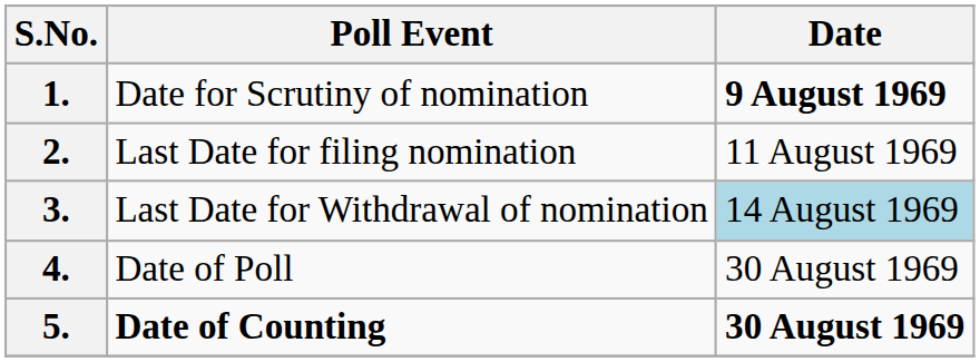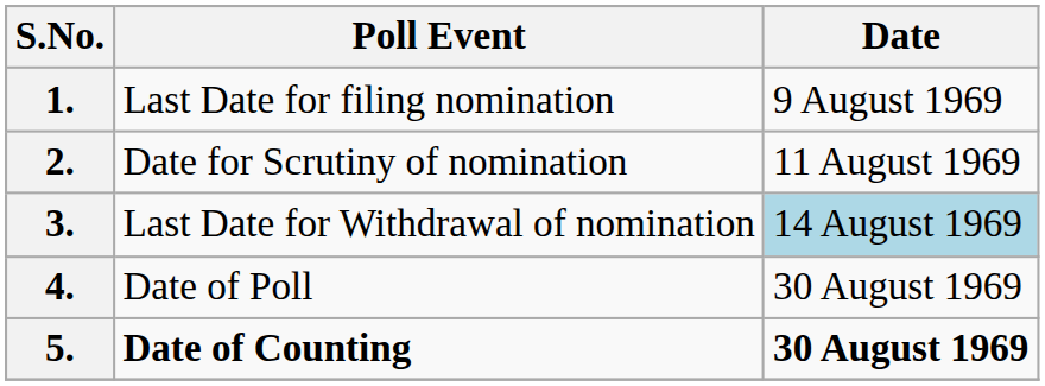 <table class="wikitable sortable">
 <tr>
 <th>S.No.</th>
 <th>Poll Event</th>
 <th>Date</th>
 </tr>
 <tr>
 <th>1.</th>
-<td>Date for Scrutiny of nomination</td>
-<td><strong>9 August 1969</strong></td>
+<td>Last Date for filing nomination</td>
+<td>9 August 1969</td>
 </tr>
 <tr>
 <th>2.</th>
-<td>Last Date for filing nomination</td>
+<td>Date for Scrutiny of nomination</td>
 <td>11 August 1969</td>
 </tr>
 <tr>
 <th>3.</th>
 <td>Last Date for Withdrawal of nomination</td>
 <td style="background: lightblue;">14 August 1969</td>
 </tr>
 <tr>
 <th>4.</th>
 <td>Date of Poll</td>
 <td>30 August 1969</td>
 </tr>
 <tr>
 <th>5.</th>
 <td><strong>Date of Counting</strong></td>
 <td colspan="2" style="text-align:center"><strong>30 August 1969</strong></td>
 </tr>
 <tr>
 </tr>
 </table>
